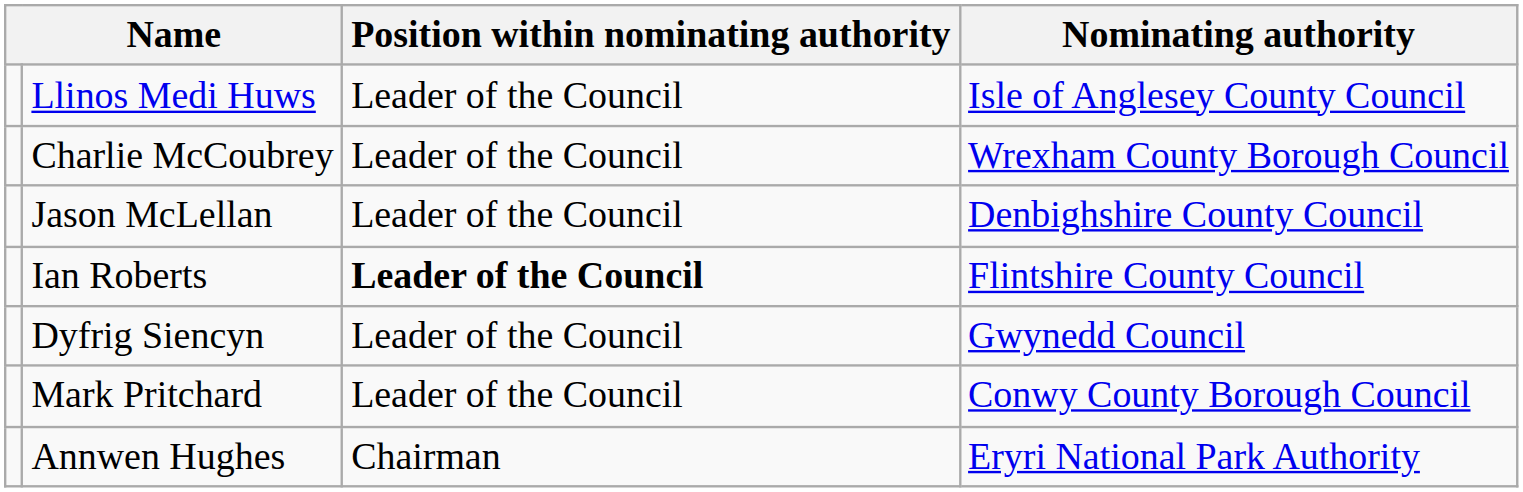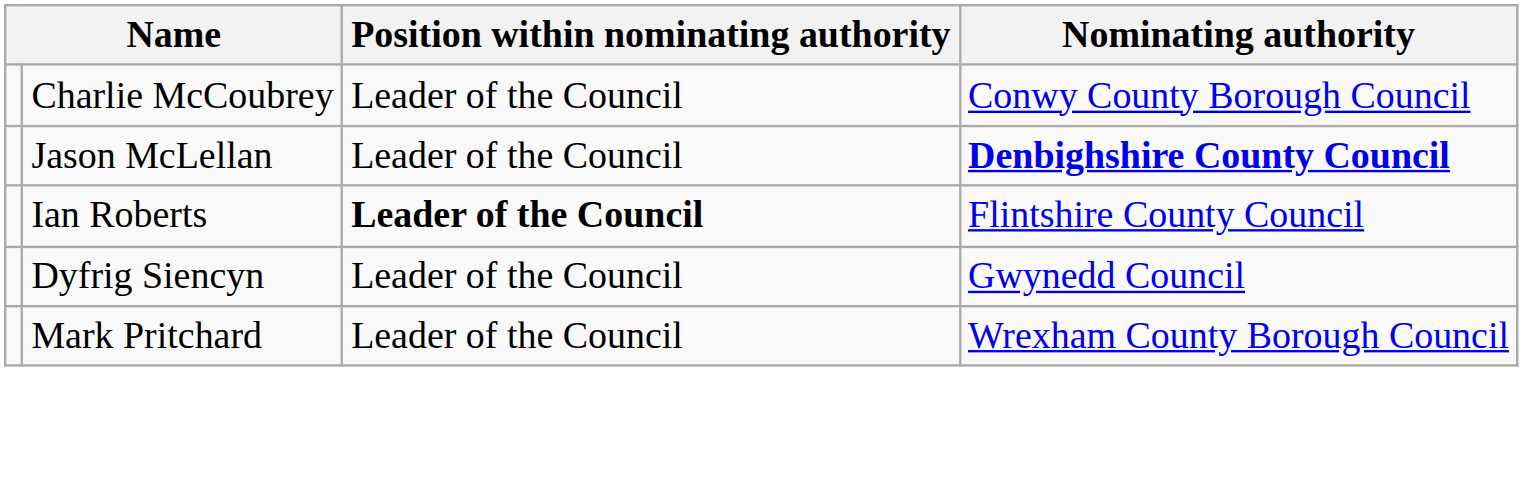 <table class="wikitable sortable">
 <tr>
 <th colspan=2>Name</th>
 <th>Position within nominating authority</th>
 <th>Nominating authority</th>
 </tr>
 <tr>
 <td style="background:"></td>
-<td><a href='#'>Llinos Medi Huws</a></td>
-<td>Leader of the Council</td>
-<td><a href='#'>Isle of Anglesey County Council</a></td>
-</tr>
-<tr>
-<td style="background:"></td>
 <td>Charlie McCoubrey</td>
 <td>Leader of the Council</td>
-<td><a href='#'>Wrexham County Borough Council</a></td>
+<td><a href='#'>Conwy County Borough Council</a></td>
 </tr>
 <tr>
 <td style="background:"></td>
 <td>Jason McLellan</td>
 <td>Leader of the Council</td>
-<td><a href='#'>Denbighshire County Council</a></td>
+<td><strong><a href='#'>Denbighshire County Council</a></strong></td>
 </tr>
 <tr>
 <td style="background:"></td>
 <td>Ian Roberts</td>
 <td><strong>Leader of the Council</strong></td>
 <td><a href='#'>Flintshire County Council</a></td>
 </tr>
 <tr>
 <td style="background:"></td>
 <td>Dyfrig Siencyn</td>
 <td>Leader of the Council</td>
 <td><a href='#'>Gwynedd Council</a></td>
 </tr>
 <tr>
 <td style="background:"></td>
 <td>Mark Pritchard</td>
 <td>Leader of the Council</td>
-<td><a href='#'>Conwy County Borough Council</a></td>
-</tr>
-<tr>
-<td style="background:"></td>
-<td>Annwen Hughes</td>
-<td>Chairman</td>
-<td><a href='#'>Eryri National Park Authority</a></td>
+<td><a href='#'>Wrexham County Borough Council</a></td>
 </tr>
 </table>
